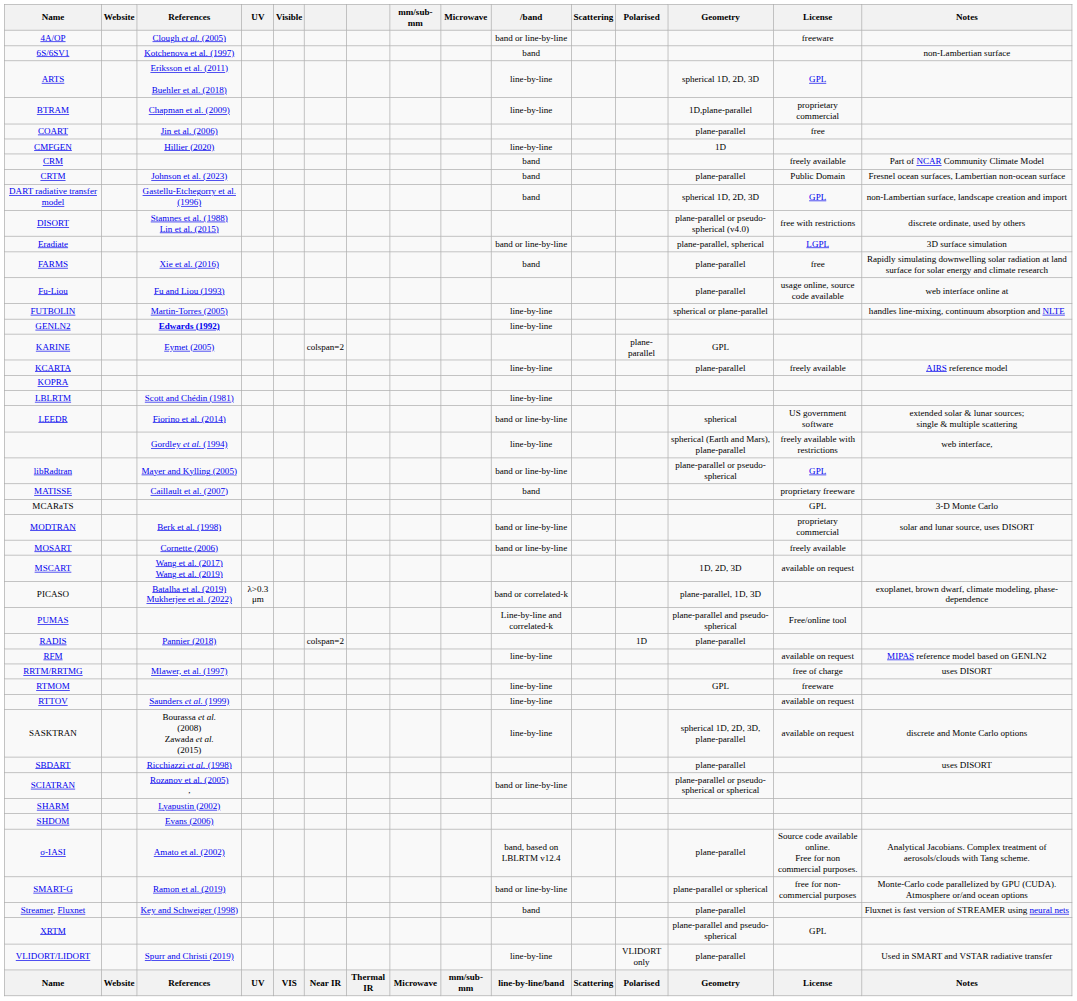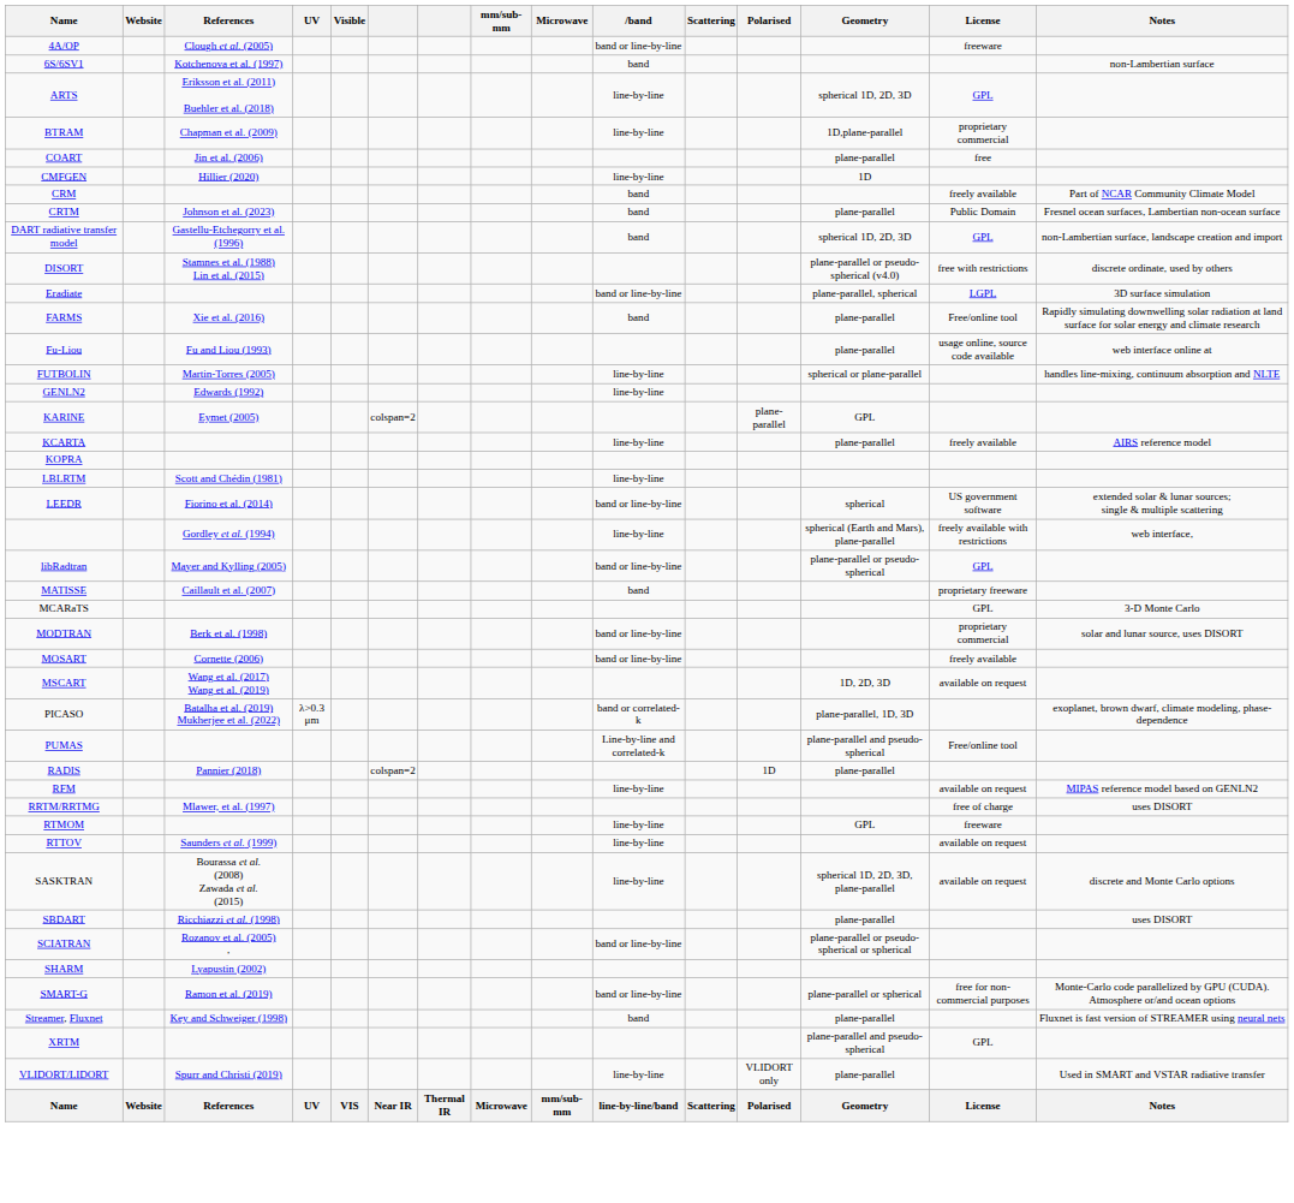 <table class="wikitable sortable" style="font-size: smaller; width: auto; text-align: center;">
 <tr>
 <th>Name<br></th>
 <th>Website<br></th>
 <th>References<br></th>
 <th>UV<br></th>
 <th>Visible<br></th>
 <th><br></th>
 <th><br></th>
 <th>mm/sub-mm<br></th>
 <th>Microwave<br></th>
 <th>/band<br></th>
 <th>Scattering<br></th>
 <th>Polarised<br></th>
 <th>Geometry<br></th>
 <th>License<br></th>
 <th>Notes<br></th>
 </tr>
 <tr>
 <td><a href='#'>4A/OP</a></td>
 <td> </td>
 <td><a href='#'>Clough <em>et al.</em> (2005)</a><br></td>
 <td></td>
 <td></td>
 <td></td>
 <td></td>
 <td></td>
 <td></td>
 <td>band or line-by-line</td>
 <td></td>
 <td></td>
 <td></td>
 <td>freeware</td>
 <td></td>
 </tr>
 <tr>
 <td><a href='#'>6S/6SV1</a></td>
 <td></td>
 <td><a href='#'>Kotchenova et al. (1997)</a><br></td>
 <td></td>
 <td></td>
 <td></td>
 <td></td>
 <td></td>
 <td></td>
 <td>band</td>
 <td></td>
 <td></td>
 <td></td>
 <td></td>
 <td>non-Lambertian surface</td>
 </tr>
 <tr>
 <td><a href='#'>ARTS</a></td>
 <td></td>
 <td><a href='#'>Eriksson et al. (2011)</a><br><br><a href='#'>Buehler et al. (2018)</a> </td>
 <td></td>
 <td></td>
 <td></td>
 <td></td>
 <td></td>
 <td></td>
 <td>line-by-line</td>
 <td></td>
 <td></td>
 <td>spherical 1D, 2D, 3D</td>
 <td><a href='#'>GPL</a></td>
 <td></td>
 </tr>
 <tr>
 <td><a href='#'>BTRAM</a></td>
 <td></td>
 <td><a href='#'>Chapman et al. (2009)</a><br></td>
 <td></td>
 <td></td>
 <td></td>
 <td></td>
 <td></td>
 <td></td>
 <td>line-by-line</td>
 <td></td>
 <td></td>
 <td>1D,plane-parallel</td>
 <td>proprietary commercial</td>
 <td></td>
 </tr>
 <tr>
 <td><a href='#'>COART</a></td>
 <td></td>
 <td><a href='#'>Jin et al. (2006)</a><br></td>
 <td></td>
 <td></td>
 <td></td>
 <td></td>
 <td></td>
 <td></td>
 <td></td>
 <td></td>
 <td></td>
 <td>plane-parallel</td>
 <td>free</td>
 <td></td>
 </tr>
 <tr>
 <td><a href='#'>CMFGEN</a></td>
 <td></td>
 <td><a href='#'>Hillier (2020)</a></td>
 <td></td>
 <td></td>
 <td></td>
 <td></td>
 <td></td>
 <td></td>
 <td>line-by-line</td>
 <td></td>
 <td></td>
 <td>1D</td>
 <td></td>
 <td></td>
 </tr>
 <tr>
 <td><a href='#'>CRM</a></td>
 <td></td>
 <td></td>
 <td></td>
 <td></td>
 <td></td>
 <td></td>
 <td></td>
 <td></td>
 <td>band</td>
 <td></td>
 <td></td>
 <td></td>
 <td>freely available</td>
 <td>Part of <a href='#'>NCAR</a> Community Climate Model</td>
 </tr>
 <tr>
 <td><a href='#'>CRTM</a></td>
 <td></td>
 <td><a href='#'>Johnson et al. (2023)</a><br></td>
 <td></td>
 <td></td>
 <td></td>
 <td></td>
 <td></td>
 <td></td>
 <td>band</td>
 <td></td>
 <td></td>
 <td>plane-parallel</td>
 <td>Public Domain</td>
 <td>Fresnel ocean surfaces, Lambertian non-ocean surface</td>
 </tr>
 <tr>
 <td><a href='#'>DART radiative transfer model</a></td>
 <td></td>
 <td><a href='#'>Gastellu-Etchegorry et al. (1996)</a><br></td>
 <td></td>
 <td></td>
 <td></td>
 <td></td>
 <td></td>
 <td></td>
 <td>band</td>
 <td></td>
 <td></td>
 <td>spherical 1D, 2D, 3D</td>
 <td><a href='#'>GPL</a></td>
 <td>non-Lambertian surface, landscape creation and import</td>
 </tr>
 <tr>
 <td><a href='#'>DISORT</a></td>
 <td></td>
 <td><a href='#'>Stamnes et al. (1988)</a><br><a href='#'>Lin et al. (2015)</a></td>
 <td></td>
 <td></td>
 <td></td>
 <td></td>
 <td></td>
 <td></td>
 <td></td>
 <td></td>
 <td></td>
 <td>plane-parallel or pseudo-spherical (v4.0)</td>
 <td>free with restrictions</td>
 <td>discrete ordinate, used by others</td>
 </tr>
 <tr>
 <td><a href='#'>Eradiate</a></td>
 <td></td>
 <td></td>
 <td></td>
 <td></td>
 <td></td>
 <td></td>
 <td></td>
 <td></td>
 <td>band or line-by-line</td>
 <td></td>
 <td></td>
 <td>plane-parallel, spherical</td>
 <td><a href='#'>LGPL</a></td>
 <td>3D surface simulation</td>
 </tr>
 <tr>
 <td><a href='#'>FARMS</a></td>
 <td></td>
 <td><a href='#'>Xie et al. (2016)</a><br></td>
 <td></td>
 <td></td>
 <td></td>
 <td></td>
 <td></td>
 <td></td>
 <td>band</td>
 <td></td>
 <td></td>
 <td>plane-parallel</td>
-<td>free</td>
+<td>Free/online tool</td>
 <td>Rapidly simulating downwelling solar radiation at land surface for solar energy and climate research</td>
 </tr>
 <tr>
 <td><a href='#'>Fu-Liou</a></td>
 <td></td>
 <td><a href='#'>Fu and Liou (1993)</a><br></td>
 <td></td>
 <td></td>
 <td></td>
 <td></td>
 <td></td>
 <td></td>
 <td></td>
 <td></td>
 <td></td>
 <td>plane-parallel</td>
 <td>usage online, source code available</td>
 <td>web interface online at </td>
 </tr>
 <tr>
 <td><a href='#'>FUTBOLIN</a></td>
 <td></td>
 <td><a href='#'>Martin-Torres (2005)</a><br></td>
 <td></td>
 <td></td>
 <td></td>
 <td></td>
 <td></td>
 <td></td>
 <td>line-by-line</td>
 <td></td>
 <td></td>
 <td>spherical or plane-parallel</td>
 <td></td>
 <td>handles line-mixing, continuum absorption and <a href='#'>NLTE</a></td>
 </tr>
 <tr>
 <td><a href='#'>GENLN2</a></td>
 <td></td>
-<td><strong><a href='#'>Edwards (1992)</a><br></strong></td>
+<td><a href='#'>Edwards (1992)</a><br></td>
 <td></td>
 <td></td>
 <td></td>
 <td></td>
 <td></td>
 <td></td>
 <td>line-by-line</td>
 <td></td>
 <td></td>
 <td></td>
 <td></td>
 <td></td>
 </tr>
 <tr>
 <td><a href='#'>KARINE</a></td>
 <td></td>
 <td><a href='#'>Eymet (2005)</a><br></td>
 <td></td>
 <td></td>
 <td>colspan=2 </td>
 <td></td>
 <td></td>
 <td></td>
 <td></td>
 <td></td>
 <td>plane-parallel</td>
 <td>GPL</td>
 <td></td>
 </tr>
 <tr>
 <td><a href='#'>KCARTA</a></td>
 <td></td>
 <td></td>
 <td></td>
 <td></td>
 <td></td>
 <td></td>
 <td></td>
 <td></td>
 <td>line-by-line</td>
 <td></td>
 <td></td>
 <td>plane-parallel</td>
 <td>freely available</td>
 <td><a href='#'>AIRS</a> reference model</td>
 </tr>
 <tr>
 <td><a href='#'>KOPRA</a></td>
 <td></td>
 <td></td>
 <td></td>
 <td></td>
 <td></td>
 <td></td>
 <td></td>
 <td></td>
 <td></td>
 <td></td>
 <td></td>
 <td></td>
 <td></td>
 <td></td>
 </tr>
 <tr>
 <td><a href='#'>LBLRTM</a></td>
 <td></td>
 <td><a href='#'>Scott and Chédin (1981)</a><br></td>
 <td></td>
 <td></td>
 <td></td>
 <td></td>
 <td></td>
 <td></td>
 <td>line-by-line</td>
 <td></td>
 <td></td>
 <td></td>
 <td></td>
 <td></td>
 </tr>
 <tr>
 <td><a href='#'>LEEDR</a></td>
 <td></td>
 <td><a href='#'>Fiorino et al. (2014)</a><br></td>
 <td></td>
 <td></td>
 <td></td>
 <td></td>
 <td></td>
 <td></td>
 <td>band or line-by-line</td>
 <td></td>
 <td></td>
 <td>spherical</td>
 <td>US government software</td>
 <td>extended solar & lunar sources;<br>single & multiple scattering</td>
 </tr>
 <tr>
 <td></td>
 <td></td>
 <td><a href='#'>Gordley <em>et al.</em> (1994)</a><br></td>
 <td></td>
 <td></td>
 <td></td>
 <td></td>
 <td></td>
 <td></td>
 <td>line-by-line</td>
 <td></td>
 <td></td>
 <td>spherical (Earth and Mars), plane-parallel</td>
 <td>freely available with restrictions</td>
 <td>web interface, </td>
 </tr>
 <tr>
 <td><a href='#'>libRadtran</a></td>
 <td></td>
 <td><a href='#'>Mayer and Kylling (2005)</a><br></td>
 <td></td>
 <td></td>
 <td></td>
 <td></td>
 <td></td>
 <td></td>
 <td>band or line-by-line</td>
 <td></td>
 <td></td>
 <td>plane-parallel or pseudo-spherical</td>
 <td><a href='#'>GPL</a></td>
 <td></td>
 </tr>
 <tr>
 <td><a href='#'>MATISSE</a></td>
 <td></td>
 <td><a href='#'>Caillault et al. (2007)</a><br></td>
 <td></td>
 <td></td>
 <td></td>
 <td></td>
 <td></td>
 <td></td>
 <td>band</td>
 <td></td>
 <td></td>
 <td></td>
 <td>proprietary freeware</td>
 <td></td>
 </tr>
 <tr>
 <td>MCARaTS</td>
 <td></td>
 <td></td>
 <td></td>
 <td></td>
 <td></td>
 <td></td>
 <td></td>
 <td></td>
 <td></td>
 <td></td>
 <td></td>
 <td></td>
 <td>GPL</td>
 <td>3-D Monte Carlo</td>
 </tr>
 <tr>
 <td><a href='#'>MODTRAN</a></td>
 <td></td>
 <td><a href='#'>Berk et al. (1998)</a><br></td>
 <td></td>
 <td></td>
 <td></td>
 <td></td>
 <td></td>
 <td></td>
 <td>band or line-by-line</td>
 <td></td>
 <td></td>
 <td></td>
 <td>proprietary commercial</td>
 <td>solar and lunar source, uses DISORT</td>
 </tr>
 <tr>
 <td><a href='#'>MOSART</a></td>
 <td></td>
 <td><a href='#'>Cornette (2006)</a><br></td>
 <td></td>
 <td></td>
 <td></td>
 <td></td>
 <td></td>
 <td></td>
 <td>band or line-by-line</td>
 <td></td>
 <td></td>
 <td></td>
 <td>freely available</td>
 <td></td>
 </tr>
 <tr>
 <td><a href='#'>MSCART</a></td>
 <td></td>
 <td><a href='#'>Wang et al. (2017)</a><br><a href='#'>Wang et al. (2019)</a></td>
 <td></td>
 <td></td>
 <td></td>
 <td></td>
 <td></td>
 <td></td>
 <td></td>
 <td></td>
 <td></td>
 <td>1D, 2D, 3D</td>
 <td>available on request</td>
 <td></td>
 </tr>
 <tr>
 <td>PICASO</td>
 <td></td>
 <td><a href='#'>Batalha et al. (2019)</a> <a href='#'>Mukherjee et al. (2022)</a></td>
 <td>λ>0.3 μm</td>
 <td></td>
 <td></td>
 <td></td>
 <td></td>
 <td></td>
 <td>band or correlated-k</td>
 <td></td>
 <td></td>
 <td>plane-parallel, 1D, 3D</td>
 <td></td>
 <td>exoplanet, brown dwarf, climate modeling, phase-dependence</td>
 </tr>
 <tr>
 <td><a href='#'>PUMAS</a></td>
 <td></td>
 <td></td>
 <td></td>
 <td></td>
 <td></td>
 <td></td>
 <td></td>
 <td></td>
 <td>Line-by-line and correlated-k</td>
 <td></td>
 <td></td>
 <td>plane-parallel and pseudo-spherical</td>
 <td>Free/online tool</td>
 <td></td>
 </tr>
 <tr>
 <td><a href='#'>RADIS</a></td>
 <td></td>
 <td><a href='#'>Pannier (2018)</a><br></td>
 <td></td>
 <td></td>
 <td>colspan=2 </td>
 <td></td>
 <td></td>
 <td></td>
 <td></td>
 <td></td>
 <td>1D</td>
 <td>plane-parallel</td>
 <td></td>
 </tr>
 <tr>
 <td><a href='#'>RFM</a></td>
 <td></td>
 <td></td>
 <td></td>
 <td></td>
 <td></td>
 <td></td>
 <td></td>
 <td></td>
 <td>line-by-line</td>
 <td></td>
 <td></td>
 <td></td>
 <td>available on request</td>
 <td><a href='#'>MIPAS</a> reference model based on GENLN2</td>
 </tr>
 <tr>
 <td><a href='#'>RRTM/RRTMG</a></td>
 <td></td>
 <td><a href='#'>Mlawer, et al. (1997)</a><br></td>
 <td></td>
 <td></td>
 <td></td>
 <td></td>
 <td></td>
 <td></td>
 <td></td>
 <td></td>
 <td></td>
 <td></td>
 <td>free of charge</td>
 <td>uses DISORT</td>
 </tr>
 <tr>
 <td><a href='#'>RTMOM</a></td>
 <td></td>
 <td></td>
 <td></td>
 <td></td>
 <td></td>
 <td></td>
 <td></td>
 <td></td>
 <td>line-by-line</td>
 <td></td>
 <td></td>
 <td>GPL</td>
 <td>freeware</td>
 <td></td>
 </tr>
 <tr>
 <td><a href='#'>RTTOV</a></td>
 <td></td>
 <td><a href='#'>Saunders <em>et al.</em> (1999)</a><br></td>
 <td></td>
 <td></td>
 <td></td>
 <td></td>
 <td></td>
 <td></td>
 <td>line-by-line</td>
 <td></td>
 <td></td>
 <td></td>
 <td>available on request</td>
 <td></td>
 </tr>
 <tr>
 <td>SASKTRAN</td>
 <td></td>
 <td>Bourassa <em>et al.</em><br>(2008)<br>Zawada <em>et al.</em><br>(2015)</td>
 <td></td>
 <td></td>
 <td></td>
 <td></td>
 <td></td>
 <td></td>
 <td line-by-line>line-by-line</td>
 <td></td>
 <td></td>
 <td>spherical 1D, 2D, 3D, plane-parallel</td>
 <td>available on request</td>
 <td>discrete and Monte Carlo options</td>
 </tr>
 <tr>
 <td><a href='#'>SBDART</a></td>
 <td></td>
 <td><a href='#'>Ricchiazzi <em>et al.</em> (1998)</a><br></td>
 <td></td>
 <td></td>
 <td></td>
 <td></td>
 <td></td>
 <td></td>
 <td></td>
 <td></td>
 <td></td>
 <td>plane-parallel</td>
 <td></td>
 <td>uses DISORT</td>
 </tr>
 <tr>
 <td><a href='#'>SCIATRAN</a></td>
 <td></td>
 <td><a href='#'>Rozanov et al. (2005)</a><br>,</td>
 <td></td>
 <td></td>
 <td></td>
 <td></td>
 <td></td>
 <td></td>
 <td>band or line-by-line</td>
 <td></td>
 <td></td>
 <td>plane-parallel or pseudo-spherical or spherical</td>
 <td></td>
 <td></td>
 </tr>
 <tr>
 <td><a href='#'>SHARM</a></td>
 <td></td>
 <td><a href='#'>Lyapustin (2002)</a><br></td>
 <td></td>
 <td></td>
 <td></td>
 <td></td>
 <td></td>
 <td></td>
 <td></td>
 <td></td>
 <td></td>
 <td></td>
 <td></td>
 <td></td>
 </tr>
 <tr>
-<td><a href='#'>SHDOM</a></td>
-<td></td>
-<td><a href='#'>Evans (2006)</a><br></td>
-<td></td>
-<td></td>
-<td></td>
-<td></td>
-<td></td>
-<td></td>
-<td></td>
-<td></td>
-<td></td>
-<td></td>
-<td></td>
-<td></td>
-</tr>
-<tr>
-<td><a href='#'>σ-IASI</a></td>
-<td></td>
-<td><a href='#'>Amato et al. (2002)</a><br></td>
-<td></td>
-<td></td>
-<td></td>
-<td></td>
-<td></td>
-<td></td>
-<td>band, based on LBLRTM v12.4</td>
-<td></td>
-<td></td>
-<td>plane-parallel</td>
-<td>Source code available online.<br>Free for non commercial purposes.</td>
-<td>Analytical Jacobians. Complex treatment of aerosols/clouds with Tang scheme.</td>
-</tr>
-<tr>
 <td><a href='#'>SMART-G</a></td>
 <td></td>
 <td><a href='#'>Ramon et al. (2019)</a><br></td>
 <td></td>
 <td></td>
 <td></td>
 <td></td>
 <td></td>
 <td></td>
 <td>band or line-by-line</td>
 <td></td>
 <td></td>
 <td>plane-parallel or spherical</td>
 <td>free for non-commercial purposes</td>
 <td>Monte-Carlo code parallelized by GPU (CUDA). Atmosphere or/and ocean options</td>
 </tr>
 <tr>
 <td><a href='#'>Streamer</a>, <a href='#'>Fluxnet</a></td>
 <td></td>
 <td><a href='#'>Key and Schweiger (1998)</a><br></td>
 <td></td>
 <td></td>
 <td></td>
 <td></td>
 <td></td>
 <td></td>
 <td>band</td>
 <td></td>
 <td></td>
 <td>plane-parallel</td>
 <td></td>
 <td>Fluxnet is fast version of STREAMER using <a href='#'>neural nets</a></td>
 </tr>
 <tr>
 <td><a href='#'>XRTM</a></td>
 <td></td>
 <td></td>
 <td></td>
 <td></td>
 <td></td>
 <td></td>
 <td></td>
 <td></td>
 <td></td>
 <td></td>
 <td></td>
 <td>plane-parallel and pseudo-spherical</td>
 <td>GPL</td>
 <td></td>
 </tr>
 <tr>
 <td><a href='#'>VLIDORT/LIDORT</a></td>
 <td></td>
 <td><a href='#'>Spurr and Christi (2019)</a><br></td>
 <td></td>
 <td></td>
 <td></td>
 <td></td>
 <td></td>
 <td></td>
 <td>line-by-line</td>
 <td></td>
 <td> VLIDORT only</td>
 <td>plane-parallel</td>
 <td></td>
 <td>Used in SMART and VSTAR radiative transfer</td>
 </tr>
 <tr class="sortbottom">
 <th>Name</th>
 <th>Website</th>
 <th>References</th>
 <th>UV</th>
 <th>VIS</th>
 <th>Near IR</th>
 <th>Thermal IR</th>
 <th>Microwave</th>
 <th>mm/sub-mm</th>
 <th>line-by-line/band</th>
 <th>Scattering</th>
 <th>Polarised</th>
 <th>Geometry</th>
 <th>License</th>
 <th>Notes</th>
 </tr>
 </table>
